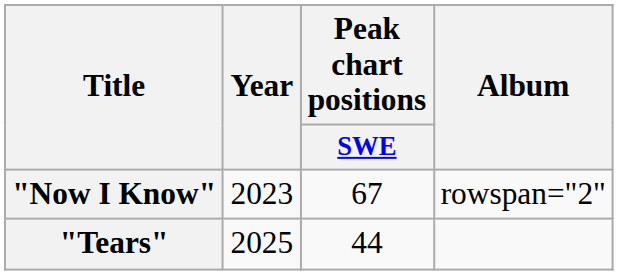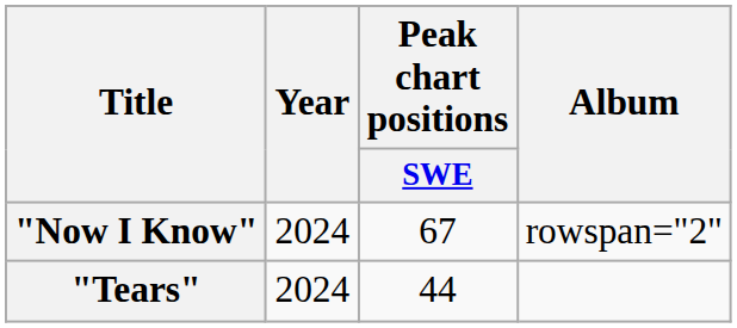 <table class="wikitable plainrowheaders" style="text-align:center;">
 <tr>
 <th scope="col" rowspan="2">Title</th>
 <th scope="col" rowspan="2">Year</th>
 <th scope="col" colspan="1">Peak chart positions</th>
 <th scope="col" rowspan="2">Album</th>
 </tr>
 <tr>
 <th scope="col" style="width:3em;font-size:85%;"><a href='#'>SWE</a><br></th>
 </tr>
 <tr>
 <th scope="row">"Now I Know"</th>
-<td>2023</td>
+<td>2024</td>
 <td>67</td>
 <td>rowspan="2" </td>
 </tr>
 <tr>
 <th scope="row">"Tears"</th>
-<td>2025</td>
+<td>2024</td>
 <td>44<br></td>
 </tr>
 </table>
